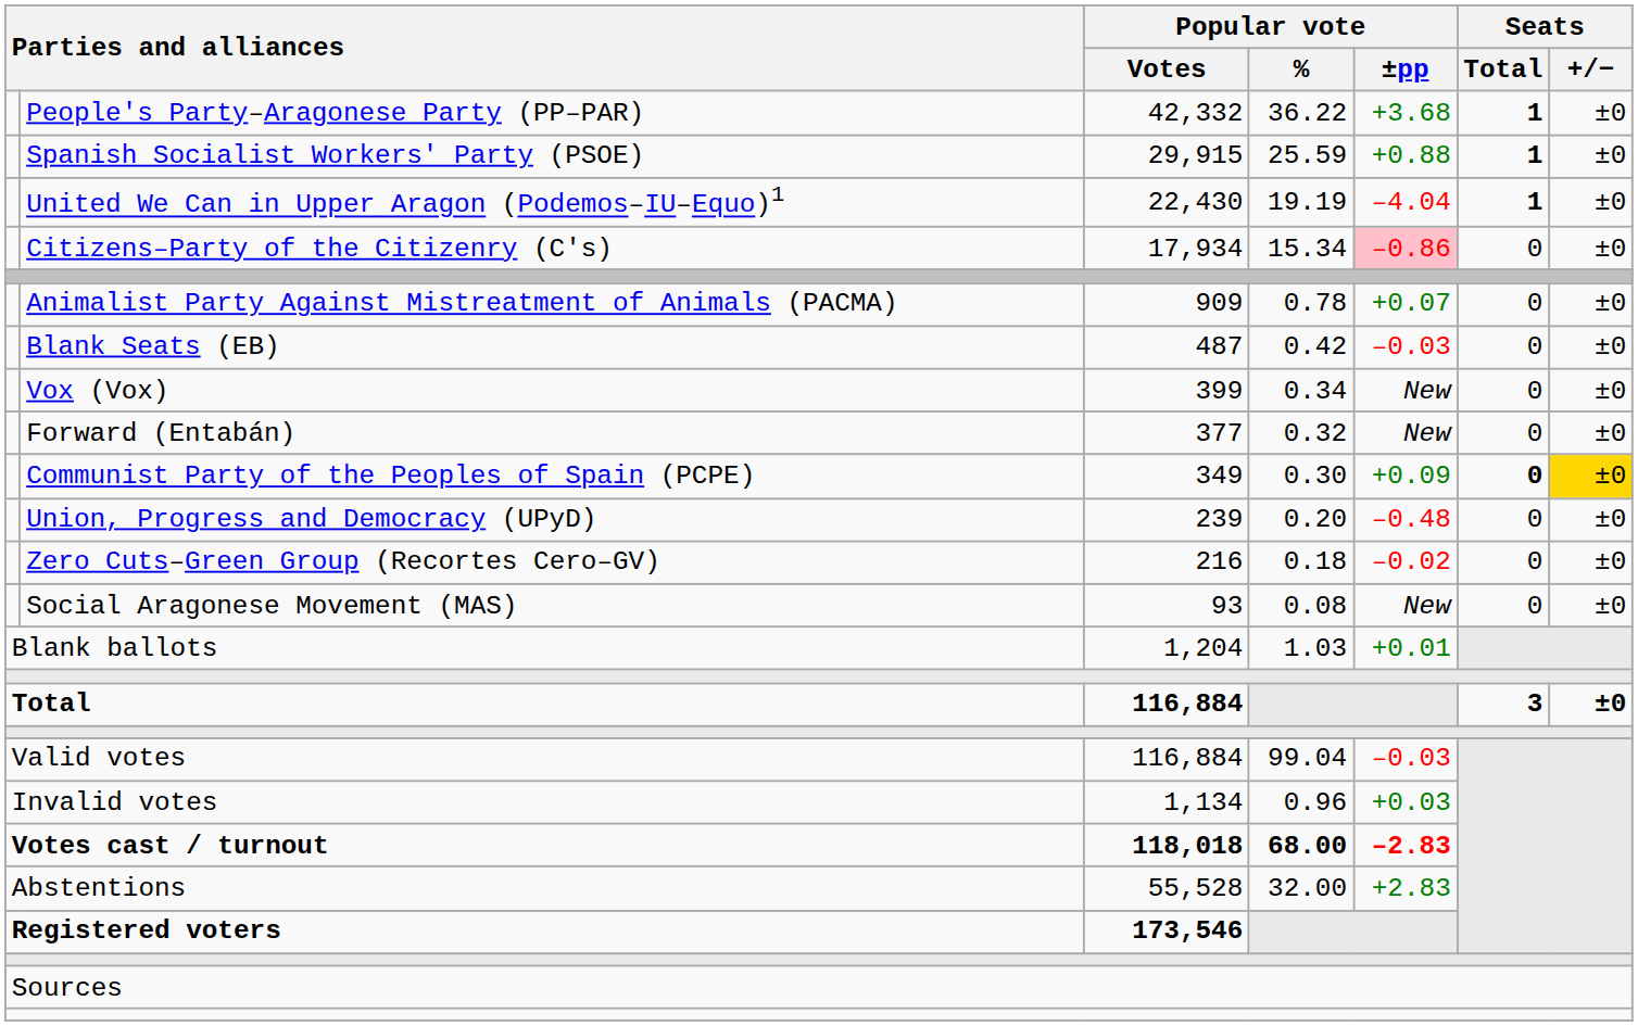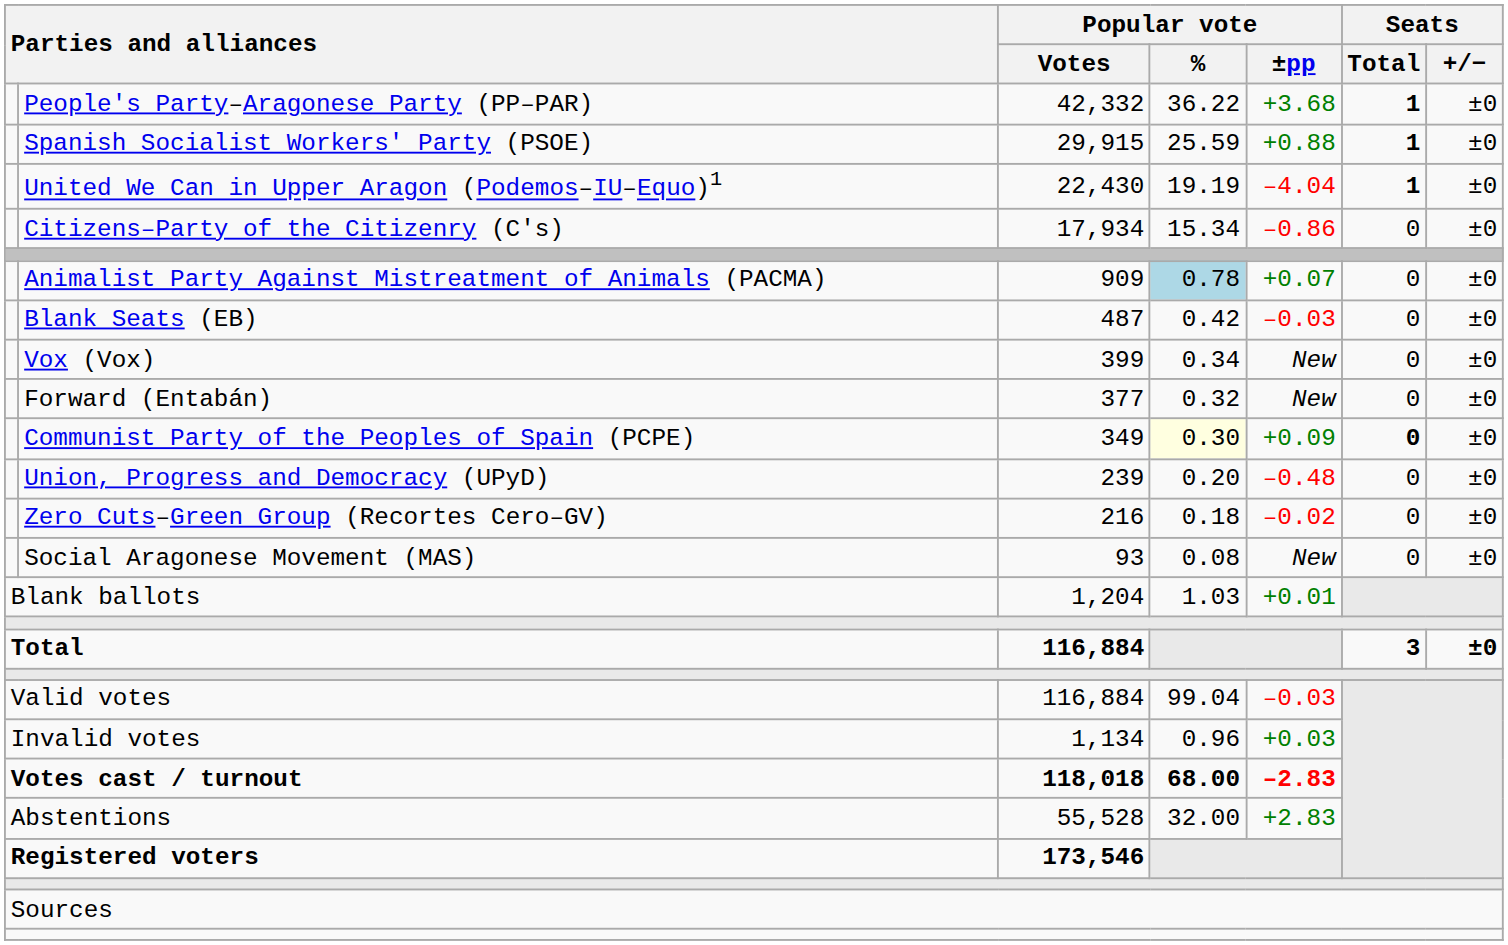 <table class="wikitable" style="text-align:right;">
 <tr>
 <th style="text-align:left;" rowspan="2" colspan="2" width="525">Parties and alliances</th>
 <th colspan="3">Popular vote</th>
 <th colspan="2">Seats</th>
 </tr>
 <tr>
 <th width="75">Votes</th>
 <th width="45">%</th>
 <th width="45">±<a href='#'>pp</a></th>
 <th width="35">Total</th>
 <th width="35">+/−</th>
 </tr>
 <tr>
 <td width="1" style="color:inherit;background:"></td>
 <td align="left"><a href='#'>People's Party</a>–<a href='#'>Aragonese Party</a> (PP–PAR)</td>
 <td>42,332</td>
 <td>36.22</td>
 <td style="color:green;">+3.68</td>
 <td><strong>1</strong></td>
 <td>±0</td>
 </tr>
 <tr>
 <td style="color:inherit;background:"></td>
 <td align="left"><a href='#'>Spanish Socialist Workers' Party</a> (PSOE)</td>
 <td>29,915</td>
 <td>25.59</td>
 <td style="color:green;">+0.88</td>
 <td><strong>1</strong></td>
 <td>±0</td>
 </tr>
 <tr>
 <td style="color:inherit;background:"></td>
 <td align="left"><a href='#'>United We Can in Upper Aragon</a> (<a href='#'>Podemos</a>–<a href='#'>IU</a>–<a href='#'>Equo</a>)<sup>1</sup></td>
 <td>22,430</td>
 <td>19.19</td>
 <td style="color:red;">–4.04</td>
 <td><strong>1</strong></td>
 <td>±0</td>
 </tr>
 <tr>
 <td style="color:inherit;background:"></td>
 <td align="left"><a href='#'>Citizens–Party of the Citizenry</a> (C's)</td>
 <td>17,934</td>
 <td>15.34</td>
-<td style="background: pink; color:red;">–0.86</td>
+<td style="color:red;">–0.86</td>
 <td>0</td>
 <td>±0</td>
 </tr>
 <tr>
 <td colspan="7" bgcolor="#C0C0C0"></td>
 </tr>
 <tr>
 <td style="color:inherit;background:"></td>
 <td align="left"><a href='#'>Animalist Party Against Mistreatment of Animals</a> (PACMA)</td>
 <td>909</td>
-<td>0.78</td>
+<td style="background: lightblue;">0.78</td>
 <td style="color:green;">+0.07</td>
 <td>0</td>
 <td>±0</td>
 </tr>
 <tr>
 <td style="color:inherit;background:"></td>
 <td align="left"><a href='#'>Blank Seats</a> (EB)</td>
 <td>487</td>
 <td>0.42</td>
 <td style="color:red;">–0.03</td>
 <td>0</td>
 <td>±0</td>
 </tr>
 <tr>
 <td style="color:inherit;background:"></td>
 <td align="left"><a href='#'>Vox</a> (Vox)</td>
 <td>399</td>
 <td>0.34</td>
 <td><em>New</em></td>
 <td>0</td>
 <td>±0</td>
 </tr>
 <tr>
 <td style="color:inherit;background:"></td>
 <td align="left">Forward (Entabán)</td>
 <td>377</td>
 <td>0.32</td>
 <td><em>New</em></td>
 <td>0</td>
 <td>±0</td>
 </tr>
 <tr>
 <td style="color:inherit;background:"></td>
 <td align="left"><a href='#'>Communist Party of the Peoples of Spain</a> (PCPE)</td>
 <td>349</td>
-<td>0.30</td>
+<td style="background: lightyellow;">0.30</td>
 <td style="color:green;">+0.09</td>
 <td><strong>0</strong></td>
-<td style="background: gold;">±0</td>
+<td>±0</td>
 </tr>
 <tr>
 <td style="color:inherit;background:"></td>
 <td align="left"><a href='#'>Union, Progress and Democracy</a> (UPyD)</td>
 <td>239</td>
 <td>0.20</td>
 <td style="color:red;">–0.48</td>
 <td>0</td>
 <td>±0</td>
 </tr>
 <tr>
 <td style="color:inherit;background:"></td>
 <td align="left"><a href='#'>Zero Cuts</a>–<a href='#'>Green Group</a> (Recortes Cero–GV)</td>
 <td>216</td>
 <td>0.18</td>
 <td style="color:red;">–0.02</td>
 <td>0</td>
 <td>±0</td>
 </tr>
 <tr>
 <td style="color:inherit;background:"></td>
 <td align="left">Social Aragonese Movement (MAS)</td>
 <td>93</td>
 <td>0.08</td>
 <td><em>New</em></td>
 <td>0</td>
 <td>±0</td>
 </tr>
 <tr>
 <td align="left" colspan="2">Blank ballots</td>
 <td>1,204</td>
 <td>1.03</td>
 <td style="color:green;">+0.01</td>
 <td bgcolor="#E9E9E9" colspan="2"></td>
 </tr>
 <tr>
 <td colspan="7" bgcolor="#E9E9E9"></td>
 </tr>
 <tr style="font-weight:bold;">
 <td align="left" colspan="2">Total</td>
 <td>116,884</td>
 <td bgcolor="#E9E9E9" colspan="2"></td>
 <td>3</td>
 <td>±0</td>
 </tr>
 <tr>
 <td colspan="7" bgcolor="#E9E9E9"></td>
 </tr>
 <tr>
 <td align="left" colspan="2">Valid votes</td>
 <td>116,884</td>
 <td>99.04</td>
 <td style="color:red;">–0.03</td>
 <td bgcolor="#E9E9E9" colspan="2" rowspan="5"></td>
 </tr>
 <tr>
 <td align="left" colspan="2">Invalid votes</td>
 <td>1,134</td>
 <td>0.96</td>
 <td style="color:green;">+0.03</td>
 </tr>
 <tr style="font-weight:bold;">
 <td align="left" colspan="2">Votes cast / turnout</td>
 <td>118,018</td>
 <td>68.00</td>
 <td style="color:red;">–2.83</td>
 </tr>
 <tr>
 <td align="left" colspan="2">Abstentions</td>
 <td>55,528</td>
 <td>32.00</td>
 <td style="color:green;">+2.83</td>
 </tr>
 <tr style="font-weight:bold;">
 <td align="left" colspan="2">Registered voters</td>
 <td>173,546</td>
 <td bgcolor="#E9E9E9" colspan="2"></td>
 </tr>
 <tr>
 <td colspan="7" bgcolor="#E9E9E9"></td>
 </tr>
 <tr>
 <td align="left" colspan="7">Sources</td>
 </tr>
 <tr>
 <td colspan="7" style="text-align:left; max-width:790px;"></td>
 </tr>
 </table>
